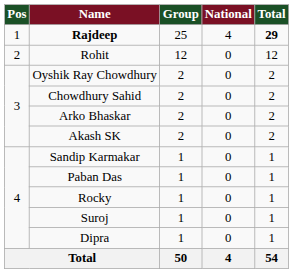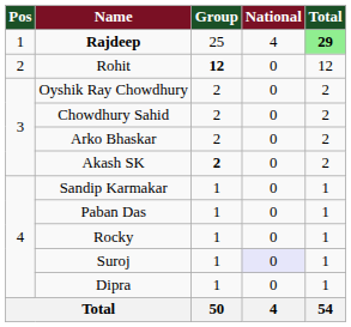 <table class="wikitable" margin-left:1em;float:center>
 <tr>
 <th style="background:#1A5026; color:white; text-align:center;">Pos</th>
 <th style="background:#7A1024; color:white; text-align:center;">Name</th>
 <th style="background:#1A5026; color:white; text-align:center;">Group</th>
 <th style="background:#7A1024; color:white; text-align:center;">National</th>
 <th style="background:#1A5026; color:white; text-align:center;">Total</th>
 </tr>
 <tr>
 <td style="text-align:center">1</td>
 <td style="text-align:center"><strong>Rajdeep</strong></td>
 <td style="text-align:center">25</td>
 <td style="text-align:center">4</td>
-<td style="text-align:center"><strong>29</strong></td>
+<td style="background: lightgreen; text-align:center"><strong>29</strong></td>
 </tr>
 <tr>
 <td rowspan=1 style="text-align:center">2</td>
 <td style="text-align:center">Rohit</td>
-<td style="text-align:center">12</td>
+<td style="text-align:center"><strong>12</strong></td>
 <td style="text-align:center">0</td>
 <td style="text-align:center">12</td>
 </tr>
 <tr>
 <td rowspan=4 style="text-align:center">3</td>
 <td style="text-align:center">Oyshik Ray Chowdhury</td>
 <td style="text-align:center">2</td>
 <td style="text-align:center">0</td>
 <td style="text-align:center">2</td>
 </tr>
 <tr>
 <td style="text-align:center">Chowdhury Sahid</td>
 <td style="text-align:center">2</td>
 <td style="text-align:center">0</td>
 <td style="text-align:center">2</td>
 </tr>
 <tr>
 <td style="text-align:center">Arko Bhaskar</td>
 <td style="text-align:center">2</td>
 <td style="text-align:center">0</td>
 <td style="text-align:center">2</td>
 </tr>
 <tr>
 <td style="text-align:center">Akash SK</td>
-<td style="text-align:center">2</td>
+<td style="text-align:center"><strong>2</strong></td>
 <td style="text-align:center">0</td>
 <td style="text-align:center">2</td>
 </tr>
 <tr>
 <td rowspan=5 style="text-align:center">4</td>
 <td style="text-align:center">Sandip Karmakar</td>
 <td style="text-align:center">1</td>
 <td style="text-align:center">0</td>
 <td style="text-align:center">1</td>
 </tr>
 <tr>
 <td style="text-align:center">Paban Das</td>
 <td style="text-align:center">1</td>
 <td style="text-align:center">0</td>
 <td style="text-align:center">1</td>
 </tr>
 <tr>
 <td style="text-align:center">Rocky</td>
 <td style="text-align:center">1</td>
 <td style="text-align:center">0</td>
 <td style="text-align:center">1</td>
 </tr>
 <tr>
 <td style="text-align:center">Suroj</td>
 <td style="text-align:center">1</td>
-<td style="text-align:center">0</td>
+<td style="background: lavender; text-align:center">0</td>
 <td style="text-align:center">1</td>
 </tr>
 <tr>
 <td style="text-align:center">Dipra</td>
 <td style="text-align:center">1</td>
 <td style="text-align:center">0</td>
 <td style="text-align:center">1</td>
 </tr>
 <tr>
 <th colspan=2>Total</th>
 <th>50</th>
 <th>4</th>
 <th>54</th>
 </tr>
 </table>
